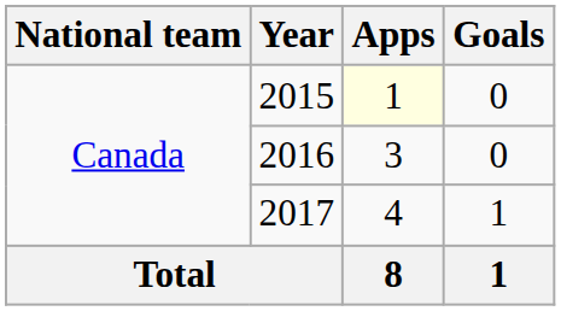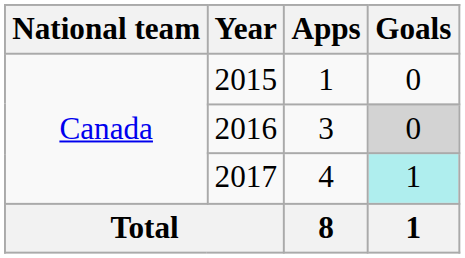 <table class="wikitable" style="text-align:center">
 <tr>
 <th>National team</th>
 <th>Year</th>
 <th>Apps</th>
 <th>Goals</th>
 </tr>
 <tr>
 <td rowspan="3"><a href='#'>Canada</a></td>
 <td>2015</td>
-<td style="background: lightyellow;">1</td>
+<td>1</td>
 <td>0</td>
 </tr>
 <tr>
 <td>2016</td>
 <td>3</td>
-<td>0</td>
+<td style="background: lightgrey;">0</td>
 </tr>
 <tr>
 <td>2017</td>
 <td>4</td>
-<td>1</td>
+<td style="background: paleturquoise;">1</td>
 </tr>
 <tr>
 <th colspan="2">Total</th>
 <th>8</th>
 <th>1</th>
 </tr>
 </table>
